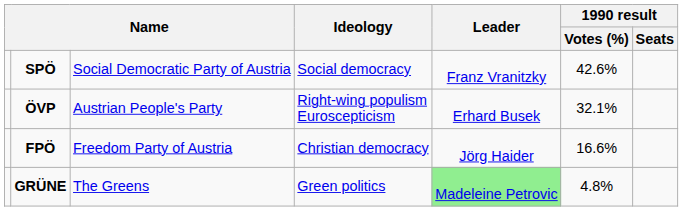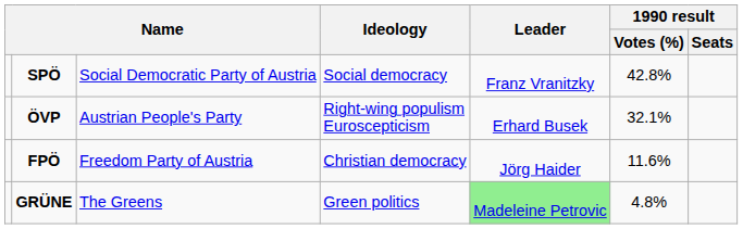 <table class="wikitable">
 <tr>
 <th rowspan="2" colspan="3">Name</th>
 <th rowspan="2">Ideology</th>
 <th rowspan="2">Leader</th>
 <th colspan="2">1990 result</th>
 </tr>
 <tr>
 <th>Votes (%)</th>
 <th>Seats</th>
 </tr>
 <tr>
 <td style="background:"></td>
 <td style="text-align:center;"><strong>SPÖ</strong></td>
 <td><a href='#'>Social Democratic Party of Austria</a><br></td>
 <td><a href='#'>Social democracy</a></td>
 <td align=center><br><a href='#'>Franz Vranitzky</a></td>
-<td style="text-align:center;">42.6%</td>
+<td style="text-align:center;">42.8%</td>
 <td></td>
 </tr>
 <tr>
 <td style="background:"></td>
 <td style="text-align:center;"><strong>ÖVP</strong></td>
 <td><a href='#'>Austrian People's Party</a><br></td>
 <td><a href='#'>Right-wing populism</a><br><a href='#'>Euroscepticism</a></td>
 <td align=center><br><a href='#'>Erhard Busek</a></td>
 <td style="text-align:center;">32.1%</td>
 <td></td>
 </tr>
 <tr>
 <td style="background:"></td>
 <td style="text-align:center;"><strong>FPÖ</strong></td>
 <td><a href='#'>Freedom Party of Austria</a><br></td>
 <td><a href='#'>Christian democracy</a></td>
 <td align=center><br><a href='#'>Jörg Haider</a></td>
-<td style="text-align:center;">16.6%</td>
+<td style="text-align:center;">11.6%</td>
 <td></td>
 </tr>
 <tr>
 <td style="background:"></td>
 <td style="text-align:center;"><strong>GRÜNE</strong></td>
 <td><a href='#'>The Greens</a><br></td>
 <td><a href='#'>Green politics</a></td>
 <td align=center style="background: lightgreen;"><br><a href='#'>Madeleine Petrovic</a></td>
 <td style="text-align:center;">4.8%</td>
 <td></td>
 </tr>
 </table>
